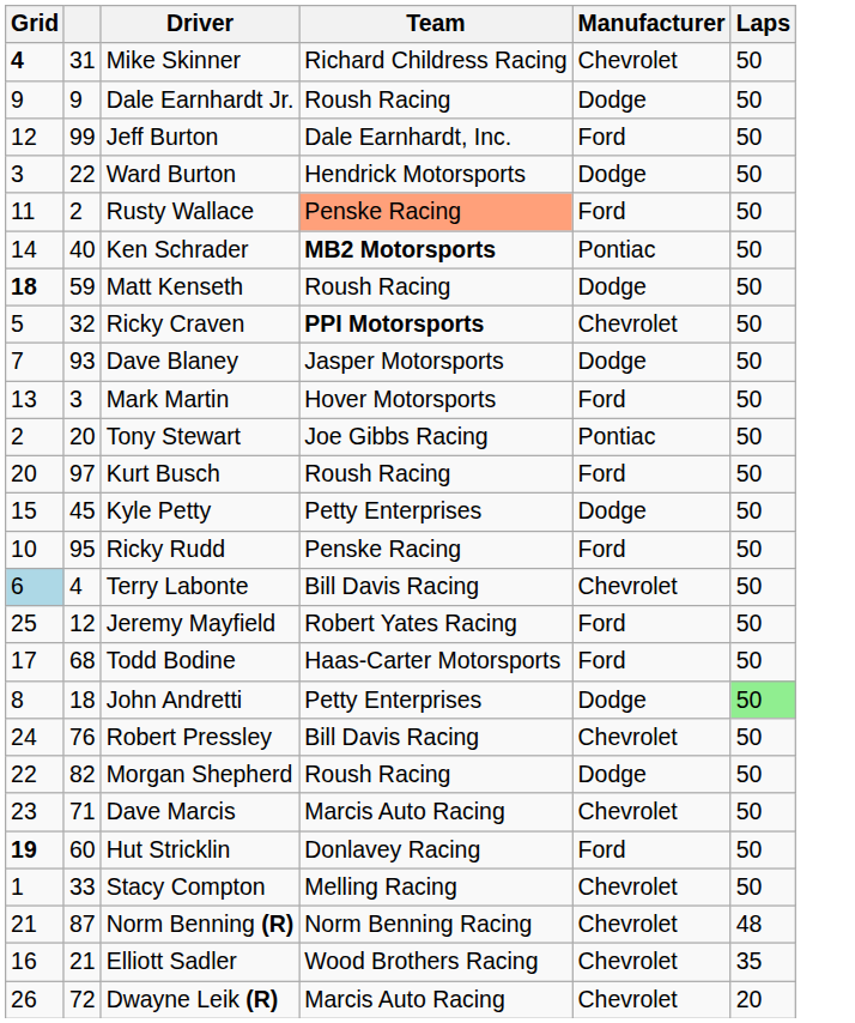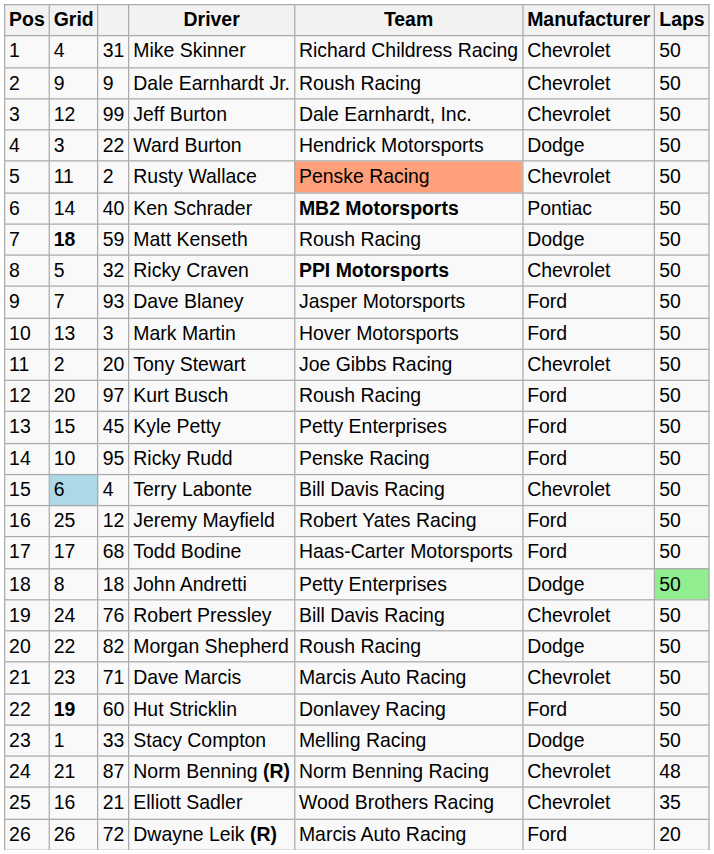 <table class="wikitable" style="font-size:98%">
 <tr>
+<th>Pos</th>
 <th>Grid</th>
 <th></th>
 <th>Driver</th>
 <th>Team</th>
 <th>Manufacturer</th>
 <th>Laps</th>
 </tr>
 <tr>
-<td><strong>4</strong></td>
+<td>1</td>
+<td>4</td>
 <td>31</td>
 <td>Mike Skinner</td>
 <td>Richard Childress Racing</td>
 <td>Chevrolet</td>
 <td>50</td>
 </tr>
 <tr>
+<td>2</td>
 <td>9</td>
 <td>9</td>
 <td>Dale Earnhardt Jr.</td>
 <td>Roush Racing</td>
-<td>Dodge</td>
+<td>Chevrolet</td>
 <td>50</td>
 </tr>
 <tr>
+<td>3</td>
 <td>12</td>
 <td>99</td>
 <td>Jeff Burton</td>
 <td>Dale Earnhardt, Inc.</td>
-<td>Ford</td>
+<td>Chevrolet</td>
 <td>50</td>
 </tr>
 <tr>
+<td>4</td>
 <td>3</td>
 <td>22</td>
 <td>Ward Burton</td>
 <td>Hendrick Motorsports</td>
 <td>Dodge</td>
 <td>50</td>
 </tr>
 <tr>
+<td>5</td>
 <td>11</td>
 <td>2</td>
 <td>Rusty Wallace</td>
 <td style="background: lightsalmon;">Penske Racing</td>
-<td>Ford</td>
+<td>Chevrolet</td>
 <td>50</td>
 </tr>
 <tr>
+<td>6</td>
 <td>14</td>
 <td>40</td>
 <td>Ken Schrader</td>
 <td><strong>MB2 Motorsports</strong></td>
 <td>Pontiac</td>
 <td>50</td>
 </tr>
 <tr>
+<td>7</td>
 <td><strong>18</strong></td>
 <td>59</td>
 <td>Matt Kenseth</td>
 <td>Roush Racing</td>
 <td>Dodge</td>
 <td>50</td>
 </tr>
 <tr>
+<td>8</td>
 <td>5</td>
 <td>32</td>
 <td>Ricky Craven</td>
 <td><strong>PPI Motorsports</strong></td>
 <td>Chevrolet</td>
 <td>50</td>
 </tr>
 <tr>
+<td>9</td>
 <td>7</td>
 <td>93</td>
 <td>Dave Blaney</td>
 <td>Jasper Motorsports</td>
-<td>Dodge</td>
+<td>Ford</td>
 <td>50</td>
 </tr>
 <tr>
+<td>10</td>
 <td>13</td>
 <td>3</td>
 <td>Mark Martin</td>
 <td>Hover Motorsports</td>
 <td>Ford</td>
 <td>50</td>
 </tr>
 <tr>
+<td>11</td>
 <td>2</td>
 <td>20</td>
 <td>Tony Stewart</td>
 <td>Joe Gibbs Racing</td>
-<td>Pontiac</td>
+<td>Chevrolet</td>
 <td>50</td>
 </tr>
 <tr>
+<td>12</td>
 <td>20</td>
 <td>97</td>
 <td>Kurt Busch</td>
 <td>Roush Racing</td>
 <td>Ford</td>
 <td>50</td>
 </tr>
 <tr>
+<td>13</td>
 <td>15</td>
 <td>45</td>
 <td>Kyle Petty</td>
 <td>Petty Enterprises</td>
-<td>Dodge</td>
+<td>Ford</td>
 <td>50</td>
 </tr>
 <tr>
+<td>14</td>
 <td>10</td>
 <td>95</td>
 <td>Ricky Rudd</td>
 <td>Penske Racing</td>
 <td>Ford</td>
 <td>50</td>
 </tr>
 <tr>
+<td>15</td>
 <td style="background: lightblue;">6</td>
 <td>4</td>
 <td>Terry Labonte</td>
 <td>Bill Davis Racing</td>
 <td>Chevrolet</td>
 <td>50</td>
 </tr>
 <tr>
+<td>16</td>
 <td>25</td>
 <td>12</td>
 <td>Jeremy Mayfield</td>
 <td>Robert Yates Racing</td>
 <td>Ford</td>
 <td>50</td>
 </tr>
 <tr>
 <td>17</td>
+<td>17</td>
 <td>68</td>
 <td>Todd Bodine</td>
 <td>Haas-Carter Motorsports</td>
 <td>Ford</td>
 <td>50</td>
 </tr>
 <tr>
+<td>18</td>
 <td>8</td>
 <td>18</td>
 <td>John Andretti</td>
 <td>Petty Enterprises</td>
 <td>Dodge</td>
 <td style="background: lightgreen;">50</td>
 </tr>
 <tr>
+<td>19</td>
 <td>24</td>
 <td>76</td>
 <td>Robert Pressley</td>
 <td>Bill Davis Racing</td>
 <td>Chevrolet</td>
 <td>50</td>
 </tr>
 <tr>
+<td>20</td>
 <td>22</td>
 <td>82</td>
 <td>Morgan Shepherd</td>
 <td>Roush Racing</td>
 <td>Dodge</td>
 <td>50</td>
 </tr>
 <tr>
+<td>21</td>
 <td>23</td>
 <td>71</td>
 <td>Dave Marcis</td>
 <td>Marcis Auto Racing</td>
 <td>Chevrolet</td>
 <td>50</td>
 </tr>
 <tr>
+<td>22</td>
 <td><strong>19</strong></td>
 <td>60</td>
 <td>Hut Stricklin</td>
 <td>Donlavey Racing</td>
 <td>Ford</td>
 <td>50</td>
 </tr>
 <tr>
+<td>23</td>
 <td>1</td>
 <td>33</td>
 <td>Stacy Compton</td>
 <td>Melling Racing</td>
-<td>Chevrolet</td>
+<td>Dodge</td>
 <td>50</td>
 </tr>
 <tr>
+<td>24</td>
 <td>21</td>
 <td>87</td>
 <td>Norm Benning <strong>(R)</strong></td>
 <td>Norm Benning Racing</td>
 <td>Chevrolet</td>
 <td>48</td>
 </tr>
 <tr>
+<td>25</td>
 <td>16</td>
 <td>21</td>
 <td>Elliott Sadler</td>
 <td>Wood Brothers Racing</td>
 <td>Chevrolet</td>
 <td>35</td>
 </tr>
 <tr>
 <td>26</td>
+<td>26</td>
 <td>72</td>
 <td>Dwayne Leik <strong>(R)</strong></td>
 <td>Marcis Auto Racing</td>
-<td>Chevrolet</td>
+<td>Ford</td>
 <td>20</td>
 </tr>
 </table>
